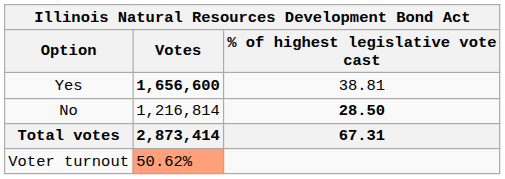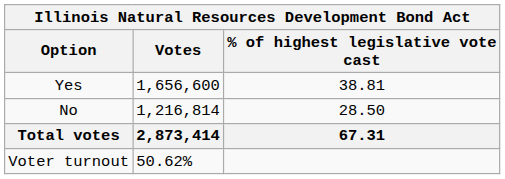 <table class="wikitable">
 <tr>
 <th colspan=4 text align=center>Illinois Natural Resources Development Bond Act</th>
 </tr>
 <tr>
 <th>Option</th>
 <th>Votes</th>
 <th>% of highest legislative vote<br>cast</th>
 </tr>
 <tr>
 <td text align=center>Yes</td>
-<td text align=center><strong>1,656,600</strong></td>
+<td text align=center>1,656,600</td>
 <td text align=center>38.81</td>
 </tr>
 <tr>
 <td text align=center>No</td>
 <td text align=center>1,216,814</td>
-<td text align=center><strong>28.50</strong></td>
+<td text align=center>28.50</td>
 </tr>
 <tr>
 <th text align=center>Total votes</th>
 <th text align=center><strong>2,873,414</strong></th>
 <th text align=center><strong>67.31</strong></th>
 </tr>
 <tr>
 <td>Voter turnout</td>
-<td style="background: lightsalmon;">50.62%</td>
+<td>50.62%</td>
 </tr>
 </table>
